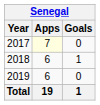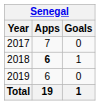 <table class="wikitable" style="text-align:center">
 <tr>
 <th colspan="3"><a href='#'>Senegal</a></th>
 </tr>
 <tr>
 <th>Year</th>
 <th>Apps</th>
 <th>Goals</th>
 </tr>
 <tr>
 <td>2017</td>
-<td style="background: lightyellow;">7</td>
+<td>7</td>
 <td>0</td>
 </tr>
 <tr>
 <td>2018</td>
-<td>6</td>
+<td><strong>6</strong></td>
 <td>1</td>
 </tr>
 <tr>
 <td>2019</td>
 <td>6</td>
 <td>0</td>
 </tr>
 <tr>
 <th>Total</th>
 <th>19</th>
 <th>1</th>
 </tr>
 </table>
